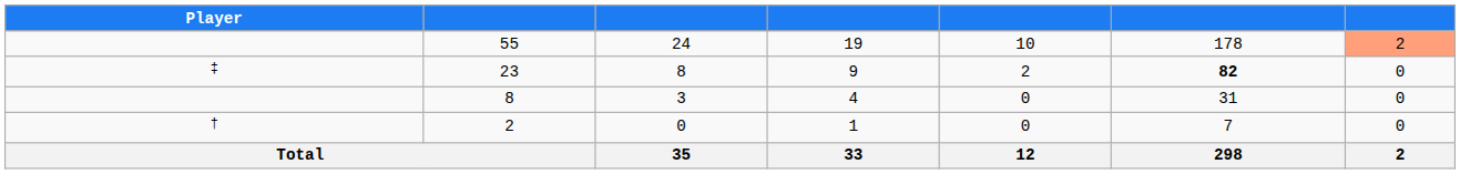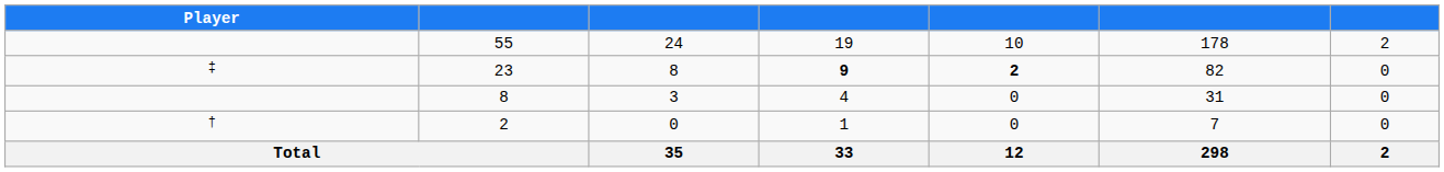 <table class="wikitable sortable" style="width:60%; text-align:center;">
 <tr>
 <th style="color:white; background:#1D7CF2; ">Player</th>
 <th style="color:white; background:#1D7CF2; "></th>
 <th style="color:white; background:#1D7CF2; "></th>
 <th style="color:white; background:#1D7CF2; "></th>
 <th style="color:white; background:#1D7CF2; "></th>
 <th style="color:white; background:#1D7CF2; "></th>
 <th style="color:white; background:#1D7CF2; "></th>
 </tr>
 <tr>
 <td></td>
 <td>55</td>
 <td>24</td>
 <td>19</td>
 <td>10</td>
 <td>178</td>
-<td style="background: lightsalmon;">2</td>
+<td>2</td>
 </tr>
 <tr>
 <td><sup>‡</sup></td>
 <td>23</td>
 <td>8</td>
-<td>9</td>
-<td>2</td>
-<td><strong>82</strong></td>
+<td><strong>9</strong></td>
+<td><strong>2</strong></td>
+<td>82</td>
 <td>0</td>
 </tr>
 <tr>
 <td></td>
 <td>8</td>
 <td>3</td>
 <td>4</td>
 <td>0</td>
 <td>31</td>
 <td>0</td>
 </tr>
 <tr>
 <td><sup>†</sup></td>
 <td>2</td>
 <td>0</td>
 <td>1</td>
 <td>0</td>
 <td>7</td>
 <td>0</td>
 </tr>
 <tr class="sortbottom">
 <th colspan=2>Total</th>
 <th>35</th>
 <th>33</th>
 <th>12</th>
 <th>298</th>
 <th>2</th>
 </tr>
 </table>
